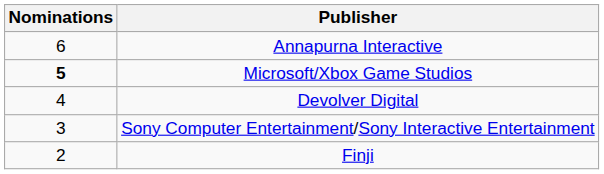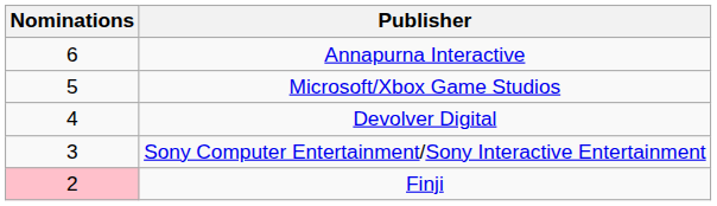 <table class="wikitable" style="text-align:center;">
 <tr>
 <th scope="col" width="55">Nominations</th>
 <th scope="col" align="center">Publisher</th>
 </tr>
 <tr>
 <td>6</td>
 <td><a href='#'>Annapurna Interactive</a></td>
 </tr>
 <tr>
-<td><strong>5</strong></td>
+<td>5</td>
 <td><a href='#'>Microsoft/Xbox Game Studios</a></td>
 </tr>
 <tr>
 <td>4</td>
 <td><a href='#'>Devolver Digital</a></td>
 </tr>
 <tr>
 <td>3</td>
 <td><a href='#'>Sony Computer Entertainment</a>/<a href='#'>Sony Interactive Entertainment</a></td>
 </tr>
 <tr>
-<td>2</td>
+<td style="background: pink;">2</td>
 <td><a href='#'>Finji</a></td>
 </tr>
 </table>
